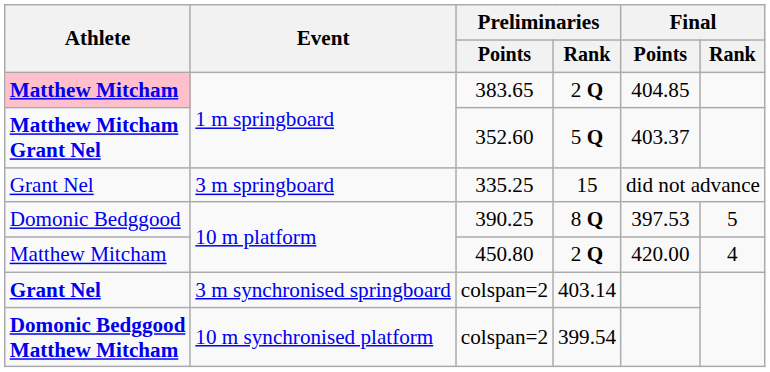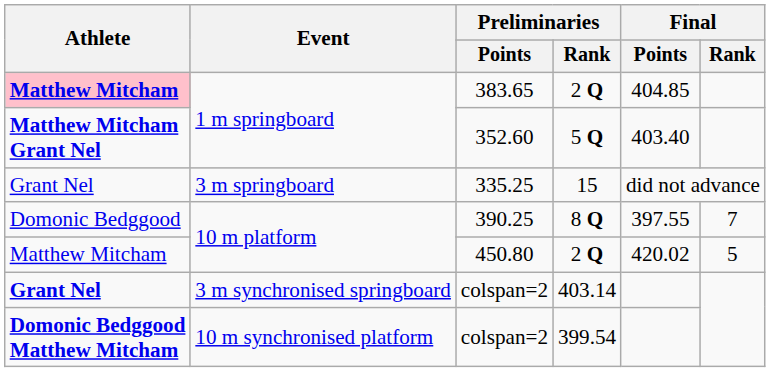 <table class="wikitable" style="font-size:90%;">
 <tr>
 <th rowspan=2>Athlete</th>
 <th rowspan=2>Event</th>
 <th colspan=2>Preliminaries</th>
 <th colspan=2>Final</th>
 </tr>
 <tr style="font-size:95%">
 <th>Points</th>
 <th>Rank</th>
 <th>Points</th>
 <th>Rank</th>
 </tr>
 <tr align=center>
 <td align=left style="background: pink;"><strong><a href='#'>Matthew Mitcham</a></strong></td>
 <td align=left rowspan=2><a href='#'>1 m springboard</a></td>
 <td>383.65</td>
 <td>2 <strong>Q</strong></td>
 <td>404.85</td>
 <td></td>
 </tr>
 <tr align=center>
 <td align=left><strong><a href='#'>Matthew Mitcham</a><br><a href='#'>Grant Nel</a></strong></td>
 <td>352.60</td>
 <td>5 <strong>Q</strong></td>
-<td>403.37</td>
+<td>403.40</td>
 <td></td>
 </tr>
 <tr align=center>
 <td align=left><a href='#'>Grant Nel</a></td>
 <td align=left><a href='#'>3 m springboard</a></td>
 <td>335.25</td>
 <td>15</td>
 <td colspan=2>did not advance</td>
 </tr>
 <tr align=center>
 <td align=left><a href='#'>Domonic Bedggood</a></td>
 <td align=left rowspan=2><a href='#'>10 m platform</a></td>
 <td>390.25</td>
 <td>8 <strong>Q</strong></td>
-<td>397.53</td>
-<td>5</td>
+<td>397.55</td>
+<td>7</td>
 </tr>
 <tr align=center>
 <td align=left><a href='#'>Matthew Mitcham</a></td>
 <td>450.80</td>
 <td>2 <strong>Q</strong></td>
-<td>420.00</td>
-<td>4</td>
+<td>420.02</td>
+<td>5</td>
 </tr>
 <tr align=center>
 <td align=left><strong><a href='#'>Grant Nel</a></strong></td>
 <td align=left><a href='#'>3 m synchronised springboard</a></td>
 <td>colspan=2 </td>
 <td>403.14</td>
 <td></td>
 </tr>
 <tr align=center>
 <td align=left><strong><a href='#'>Domonic Bedggood</a><br><a href='#'>Matthew Mitcham</a></strong></td>
 <td align=left><a href='#'>10 m synchronised platform</a></td>
 <td>colspan=2 </td>
 <td>399.54</td>
 <td></td>
 </tr>
 </table>
